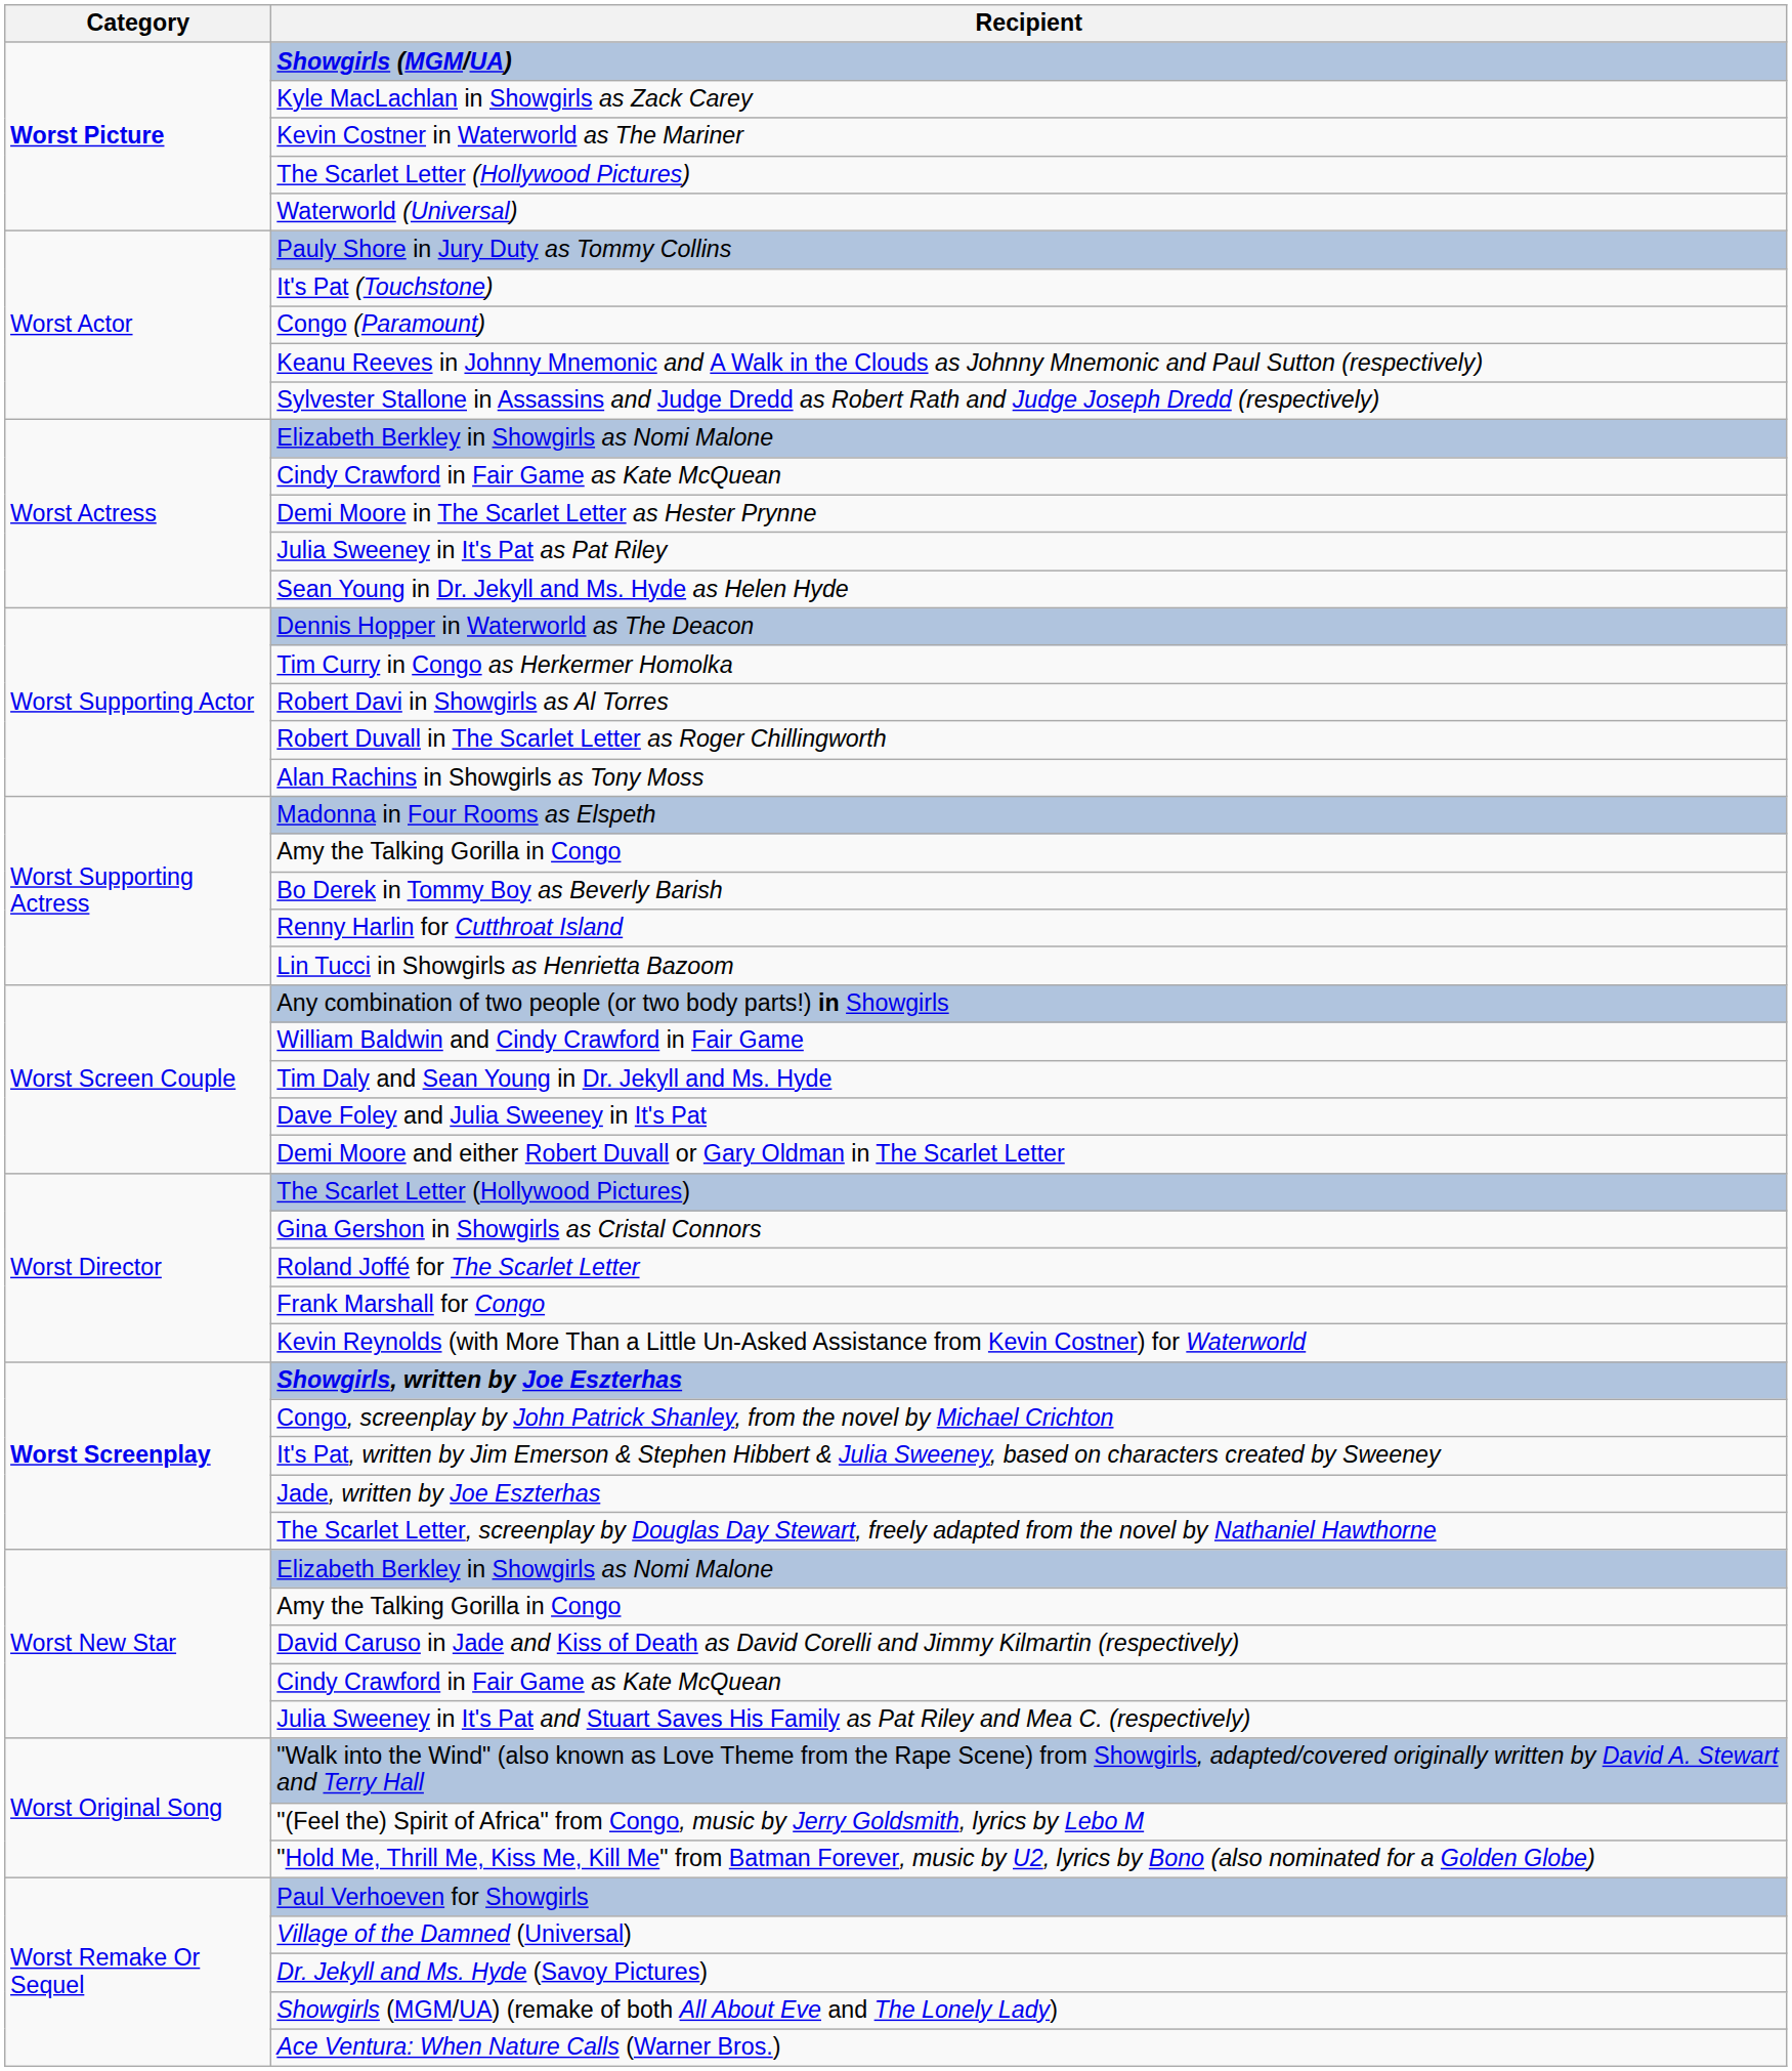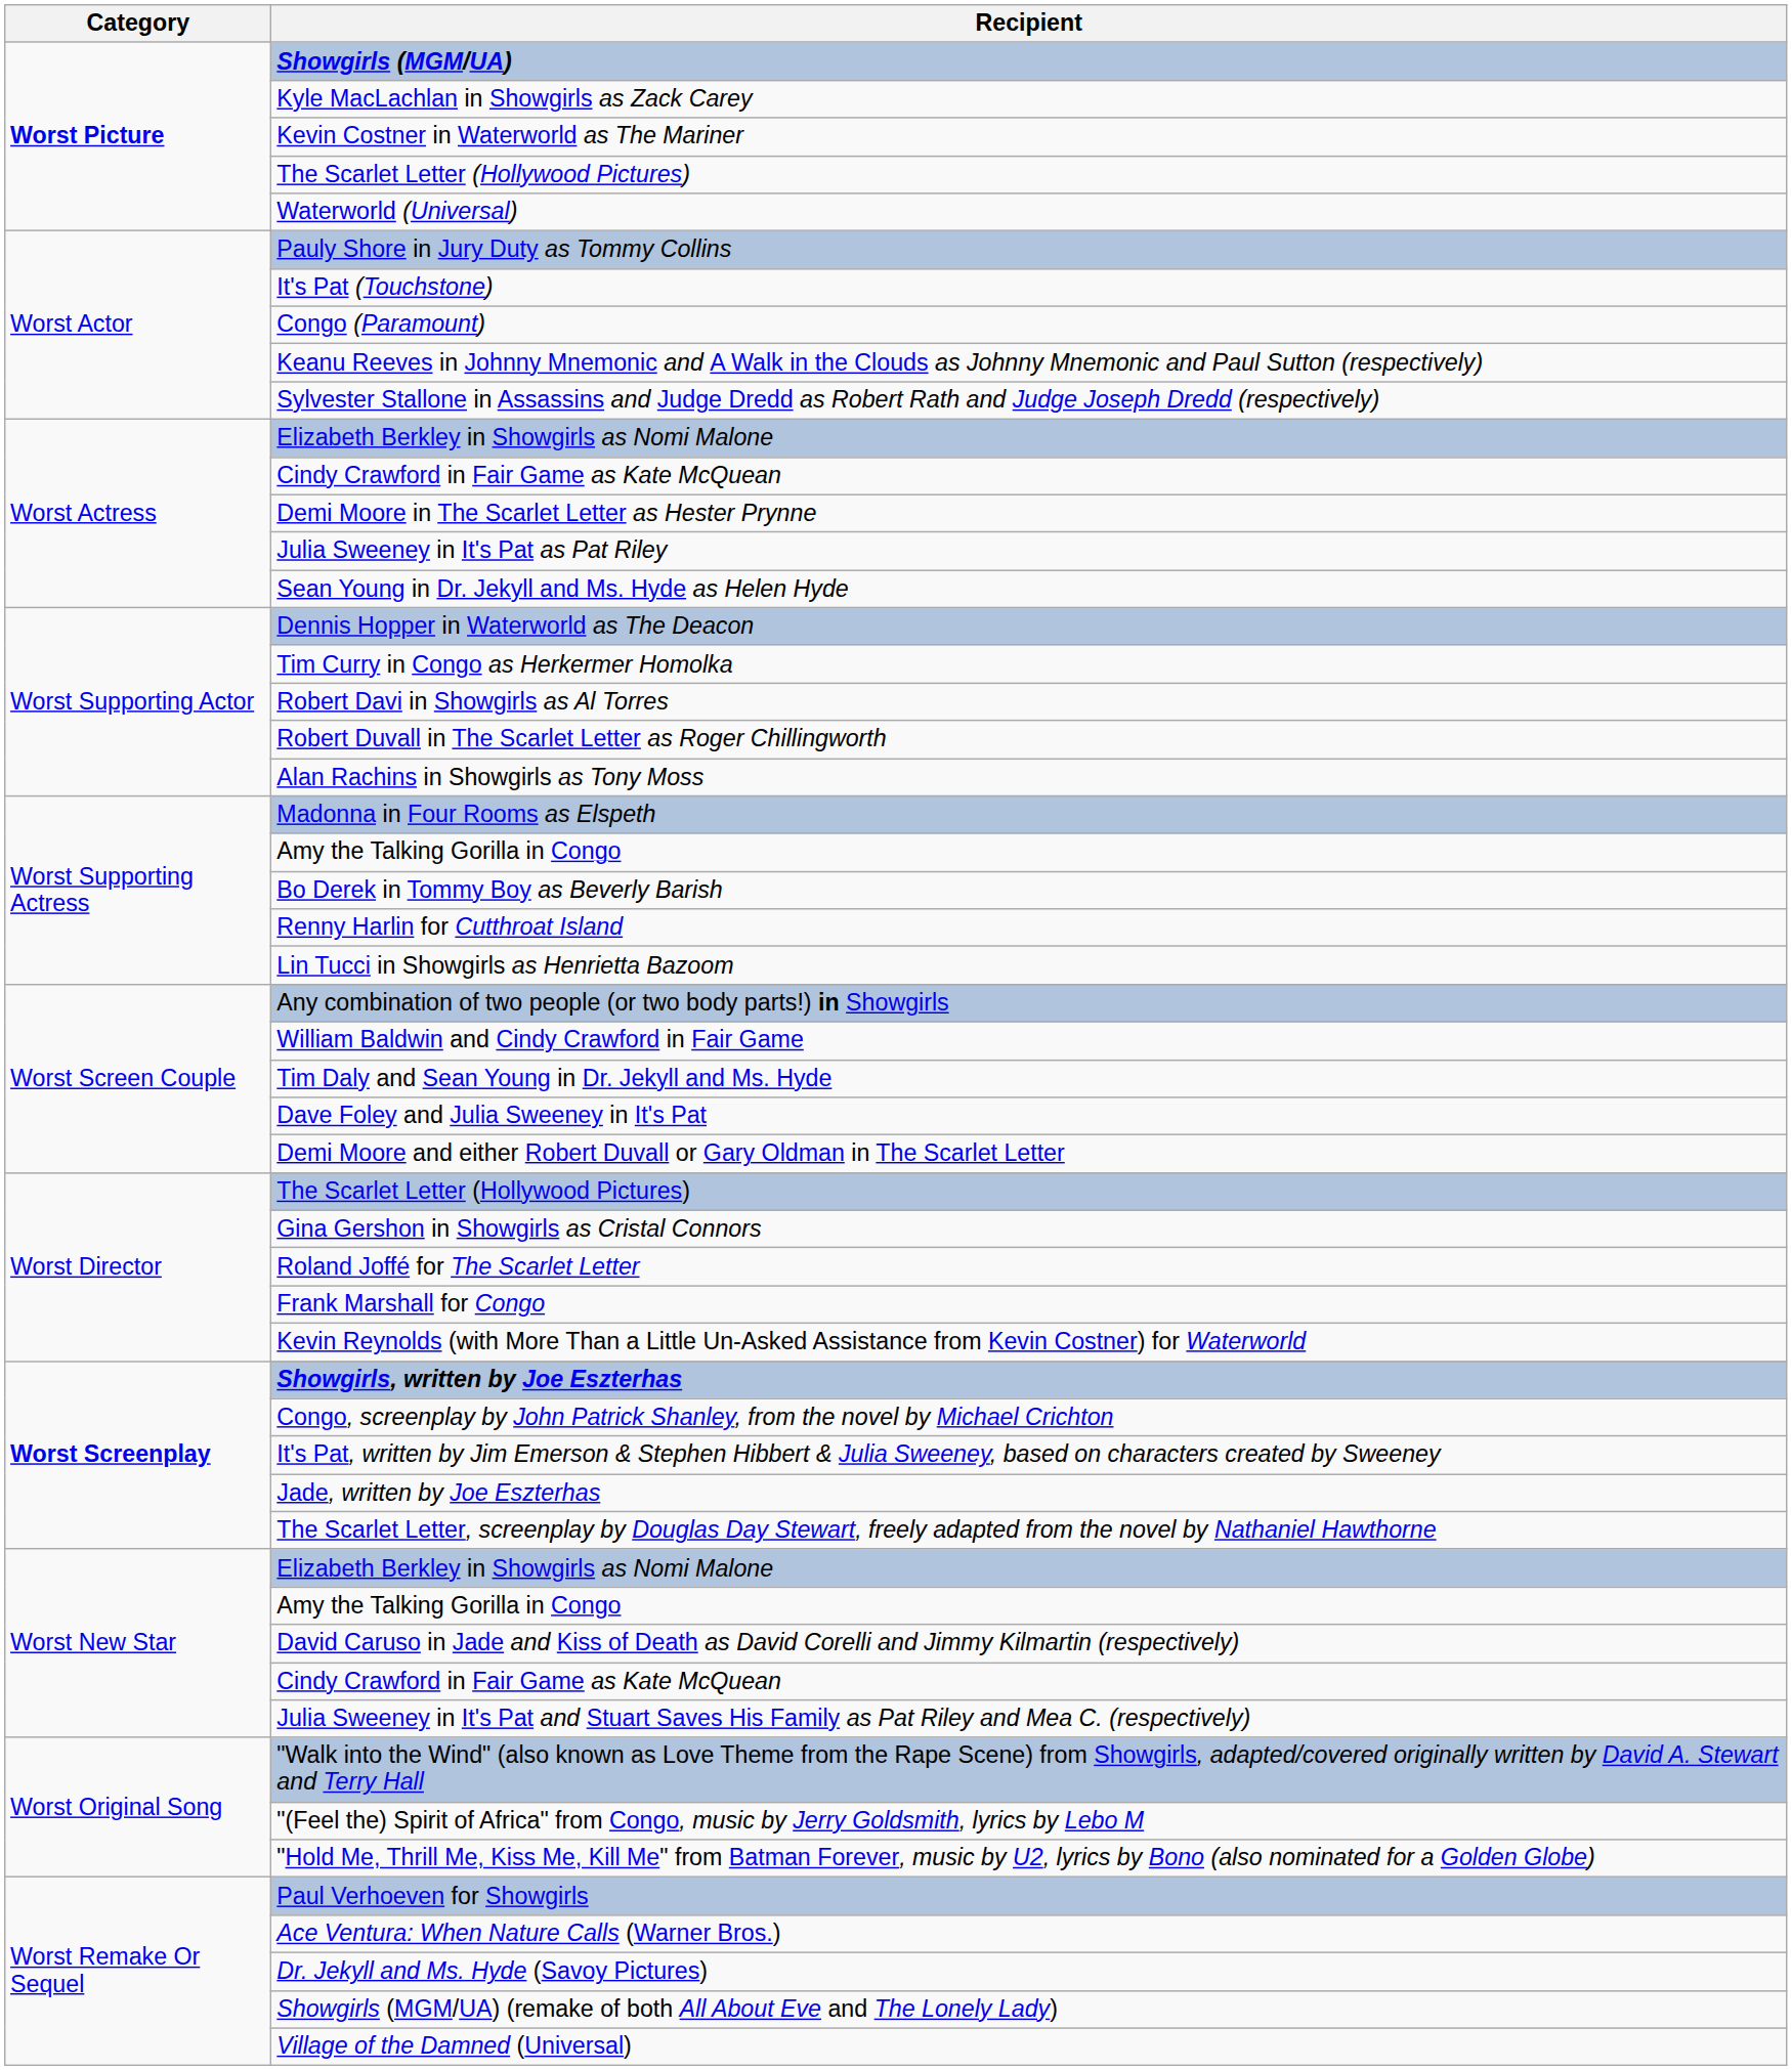 <table class="wikitable" width="95%" align="centre">
 <tr>
 <th>Category</th>
 <th>Recipient</th>
 </tr>
 <tr>
 <td rowspan=5><strong><a href='#'>Worst Picture</a></strong></td>
 <td style="background:#B0C4DE;"><strong><em><a href='#'>Showgirls</a><em> (<a href='#'>MGM</a>/<a href='#'>UA</a>)<strong></td>
 </tr>
 <tr>
 <td><a href='#'>Kyle MacLachlan</a> in </em><a href='#'>Showgirls</a><em> as Zack Carey</td>
 </tr>
 <tr>
 <td><a href='#'>Kevin Costner</a> in </em><a href='#'>Waterworld</a><em> as The Mariner</td>
 </tr>
 <tr>
 <td></em><a href='#'>The Scarlet Letter</a><em> (<a href='#'>Hollywood Pictures</a>)</td>
 </tr>
 <tr>
 <td></em><a href='#'>Waterworld</a><em> (<a href='#'>Universal</a>)</td>
 </tr>
 <tr>
 <td rowspan=5></strong><a href='#'>Worst Actor</a><strong></td>
 <td style="background:#B0C4DE;"></strong><a href='#'>Pauly Shore</a> in </em><a href='#'>Jury Duty</a><em> as Tommy Collins<strong></td>
 </tr>
 <tr>
 <td></em><a href='#'>It's Pat</a><em> (<a href='#'>Touchstone</a>)</td>
 </tr>
 <tr>
 <td></em><a href='#'>Congo</a><em> (<a href='#'>Paramount</a>)</td>
 </tr>
 <tr>
 <td><a href='#'>Keanu Reeves</a> in </em><a href='#'>Johnny Mnemonic</a><em> and </em><a href='#'>A Walk in the Clouds</a><em> as Johnny Mnemonic and Paul Sutton (respectively)</td>
 </tr>
 <tr>
 <td><a href='#'>Sylvester Stallone</a> in </em><a href='#'>Assassins</a><em> and </em><a href='#'>Judge Dredd</a><em> as Robert Rath and <a href='#'>Judge Joseph Dredd</a> (respectively)</td>
 </tr>
 <tr>
 <td rowspan=5></strong><a href='#'>Worst Actress</a><strong></td>
 <td style="background:#B0C4DE;"></strong><a href='#'>Elizabeth Berkley</a> in </em><a href='#'>Showgirls</a><em> as Nomi Malone<strong></td>
 </tr>
 <tr>
 <td><a href='#'>Cindy Crawford</a> in </em><a href='#'>Fair Game</a><em> as Kate McQuean</td>
 </tr>
 <tr>
 <td><a href='#'>Demi Moore</a> in </em><a href='#'>The Scarlet Letter</a><em> as Hester Prynne</td>
 </tr>
 <tr>
 <td><a href='#'>Julia Sweeney</a> in </em><a href='#'>It's Pat</a><em> as Pat Riley</td>
 </tr>
 <tr>
 <td><a href='#'>Sean Young</a> in </em><a href='#'>Dr. Jekyll and Ms. Hyde</a><em> as Helen Hyde</td>
 </tr>
 <tr>
 <td rowspan=5></strong><a href='#'>Worst Supporting Actor</a><strong></td>
 <td style="background:#B0C4DE;"></strong><a href='#'>Dennis Hopper</a> in </em><a href='#'>Waterworld</a><em> as The Deacon<strong></td>
 </tr>
 <tr>
 <td><a href='#'>Tim Curry</a> in </em><a href='#'>Congo</a><em> as Herkermer Homolka</td>
 </tr>
 <tr>
 <td><a href='#'>Robert Davi</a> in </em><a href='#'>Showgirls</a><em> as Al Torres</td>
 </tr>
 <tr>
 <td><a href='#'>Robert Duvall</a> in </em><a href='#'>The Scarlet Letter</a><em> as Roger Chillingworth</td>
 </tr>
 <tr>
 <td><a href='#'>Alan Rachins</a> in </em>Showgirls<em> as Tony Moss</td>
 </tr>
 <tr>
 <td rowspan=5></strong><a href='#'>Worst Supporting Actress</a><strong></td>
 <td style="background:#B0C4DE;"></strong><a href='#'>Madonna</a> in </em><a href='#'>Four Rooms</a><em> as Elspeth<strong></td>
 </tr>
 <tr>
 <td>Amy the Talking Gorilla in </em><a href='#'>Congo</a><em></td>
 </tr>
 <tr>
 <td><a href='#'>Bo Derek</a> in </em><a href='#'>Tommy Boy</a><em> as Beverly Barish</td>
 </tr>
 <tr>
 <td><a href='#'>Renny Harlin</a> for <em><a href='#'>Cutthroat Island</a></em></td>
 </tr>
 <tr>
 <td><a href='#'>Lin Tucci</a> in </em>Showgirls<em> as Henrietta Bazoom</td>
 </tr>
 <tr>
 <td rowspan=5></strong><a href='#'>Worst Screen Couple</a><strong></td>
 <td style="background:#B0C4DE;"></strong>Any combination of two people (or two body parts!)<strong> in </em></strong><a href='#'>Showgirls</a><strong><em></td>
 </tr>
 <tr>
 <td><a href='#'>William Baldwin</a> and <a href='#'>Cindy Crawford</a> in </em><a href='#'>Fair Game</a><em></td>
 </tr>
 <tr>
 <td><a href='#'>Tim Daly</a> and <a href='#'>Sean Young</a> in </em><a href='#'>Dr. Jekyll and Ms. Hyde</a><em></td>
 </tr>
 <tr>
 <td><a href='#'>Dave Foley</a> and <a href='#'>Julia Sweeney</a> in </em><a href='#'>It's Pat</a><em></td>
 </tr>
 <tr>
 <td><a href='#'>Demi Moore</a> and either <a href='#'>Robert Duvall</a> or <a href='#'>Gary Oldman</a> in </em><a href='#'>The Scarlet Letter</a><em></td>
 </tr>
 <tr>
 <td rowspan=5></strong><a href='#'>Worst Director</a><strong></td>
 <td style="background:#B0C4DE;"></em></strong><a href='#'>The Scarlet Letter</a></em> (<a href='#'>Hollywood Pictures</a>)</strong></td>
 </tr>
 <tr>
 <td><a href='#'>Gina Gershon</a> in </em><a href='#'>Showgirls</a><em> as Cristal Connors</td>
 </tr>
 <tr>
 <td><a href='#'>Roland Joffé</a> for <em><a href='#'>The Scarlet Letter</a></em></td>
 </tr>
 <tr>
 <td><a href='#'>Frank Marshall</a> for <em><a href='#'>Congo</a></em></td>
 </tr>
 <tr>
 <td><a href='#'>Kevin Reynolds</a> (with More Than a Little Un-Asked Assistance from <a href='#'>Kevin Costner</a>) for <em><a href='#'>Waterworld</a></em></td>
 </tr>
 <tr>
 <td rowspan=5><strong><a href='#'>Worst Screenplay</a></strong></td>
 <td style="background:#B0C4DE;"><strong><em><a href='#'>Showgirls</a><em>, written by <a href='#'>Joe Eszterhas</a><strong></td>
 </tr>
 <tr>
 <td></em><a href='#'>Congo</a><em>, screenplay by <a href='#'>John Patrick Shanley</a>, from the novel by <a href='#'>Michael Crichton</a></td>
 </tr>
 <tr>
 <td></em><a href='#'>It's Pat</a><em>, written by Jim Emerson & Stephen Hibbert & <a href='#'>Julia Sweeney</a>, based on characters created by Sweeney</td>
 </tr>
 <tr>
 <td></em><a href='#'>Jade</a><em>, written by <a href='#'>Joe Eszterhas</a></td>
 </tr>
 <tr>
 <td></em><a href='#'>The Scarlet Letter</a><em>, screenplay by <a href='#'>Douglas Day Stewart</a>, freely adapted from the novel by <a href='#'>Nathaniel Hawthorne</a></td>
 </tr>
 <tr>
 <td rowspan=5></strong><a href='#'>Worst New Star</a><strong></td>
 <td style="background:#B0C4DE;"></strong><a href='#'>Elizabeth Berkley</a> in </em><a href='#'>Showgirls</a><em> as Nomi Malone<strong></td>
 </tr>
 <tr>
 <td>Amy the Talking Gorilla in </em><a href='#'>Congo</a><em></td>
 </tr>
 <tr>
 <td><a href='#'>David Caruso</a> in </em><a href='#'>Jade</a><em> and </em><a href='#'>Kiss of Death</a><em> as David Corelli and Jimmy Kilmartin (respectively)</td>
 </tr>
 <tr>
 <td><a href='#'>Cindy Crawford</a> in </em><a href='#'>Fair Game</a><em> as Kate McQuean</td>
 </tr>
 <tr>
 <td><a href='#'>Julia Sweeney</a> in </em><a href='#'>It's Pat</a><em> and </em><a href='#'>Stuart Saves His Family</a><em> as Pat Riley and Mea C. (respectively)</td>
 </tr>
 <tr>
 <td rowspan=3></strong><a href='#'>Worst Original Song</a><strong></td>
 <td style="background:#B0C4DE;"></strong>"Walk into the Wind" (also known as Love Theme from the Rape Scene) from </em><a href='#'>Showgirls</a><em>, adapted/covered originally written by <a href='#'>David A. Stewart</a> and <a href='#'>Terry Hall</a><strong></td>
 </tr>
 <tr>
 <td>"(Feel the) Spirit of Africa" from </em><a href='#'>Congo</a><em>, music by <a href='#'>Jerry Goldsmith</a>, lyrics by <a href='#'>Lebo M</a></td>
 </tr>
 <tr>
 <td>"<a href='#'>Hold Me, Thrill Me, Kiss Me, Kill Me</a>" from </em><a href='#'>Batman Forever</a><em>, music by <a href='#'>U2</a>, lyrics by <a href='#'>Bono</a> (also nominated for a <a href='#'>Golden Globe</a>)</td>
 </tr>
 <tr>
 <td rowspan=5></strong><a href='#'>Worst Remake Or Sequel</a><strong></td>
 <td style="background:#B0C4DE;"></strong><a href='#'>Paul Verhoeven</a> for </em><a href='#'>Showgirls</a></em></strong></td>
 </tr>
 <tr>
-<td><em><a href='#'>Village of the Damned</a></em> (<a href='#'>Universal</a>)</td>
+<td><em><a href='#'>Ace Ventura: When Nature Calls</a></em> (<a href='#'>Warner Bros.</a>)</td>
 </tr>
 <tr>
 <td><em><a href='#'>Dr. Jekyll and Ms. Hyde</a></em> (<a href='#'>Savoy Pictures</a>)</td>
 </tr>
 <tr>
 <td><em><a href='#'>Showgirls</a></em> (<a href='#'>MGM</a>/<a href='#'>UA</a>) (remake of both <em><a href='#'>All About Eve</a></em> and <em><a href='#'>The Lonely Lady</a></em>)</td>
 </tr>
 <tr>
-<td><em><a href='#'>Ace Ventura: When Nature Calls</a></em> (<a href='#'>Warner Bros.</a>)</td>
+<td><em><a href='#'>Village of the Damned</a></em> (<a href='#'>Universal</a>)</td>
 </tr>
 </table>
